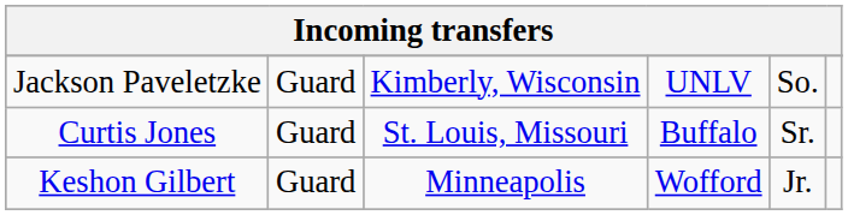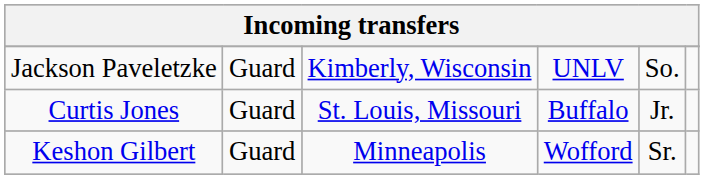 <table class="wikitable" style="text-align: center">
 <tr>
 <th colspan=6>Incoming transfers</th>
 </tr>
 <tr>
 </tr>
 <tr>
 <td>Jackson Paveletzke</td>
 <td>Guard</td>
 <td><a href='#'>Kimberly, Wisconsin</a></td>
 <td><a href='#'>UNLV</a></td>
 <td>So.</td>
 <td></td>
 </tr>
 <tr>
 <td><a href='#'>Curtis Jones</a></td>
 <td>Guard</td>
 <td><a href='#'>St. Louis, Missouri</a></td>
 <td><a href='#'>Buffalo</a></td>
-<td>Sr.</td>
+<td>Jr.</td>
 <td></td>
 </tr>
 <tr>
 <td><a href='#'>Keshon Gilbert</a></td>
 <td>Guard</td>
 <td><a href='#'>Minneapolis</a></td>
 <td><a href='#'>Wofford</a></td>
-<td>Jr.</td>
+<td>Sr.</td>
 <td></td>
 </tr>
 </table>
